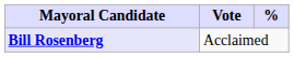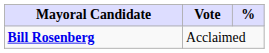 <table class="wikitable">
 <tr>
 <th style="background:#ddf; width:200px;">Mayoral Candidate</th>
 <th style="background:#ddf; width:50px;">Vote</th>
 <th style="background:#ddf; width:30px;">%</th>
 </tr>
 <tr>
-<td style="background: lavender;"><strong><a href='#'>Bill Rosenberg</a></strong></td>
+<td><strong><a href='#'>Bill Rosenberg</a></strong></td>
 <td colspan="2">Acclaimed</td>
 </tr>
 </table>
